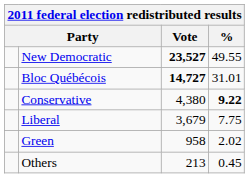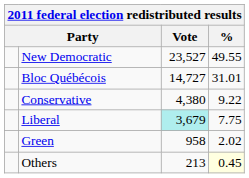 <table class="wikitable">
 <tr>
 <th colspan="4"><a href='#'>2011 federal election</a> redistributed results</th>
 </tr>
 <tr>
 <th bgcolor="#DDDDFF" width="130px" colspan="2">Party</th>
 <th bgcolor="#DDDDFF" width="50px">Vote</th>
 <th bgcolor="#DDDDFF" width="30px">%</th>
 </tr>
 <tr>
 <td> </td>
 <td><a href='#'>New Democratic</a></td>
-<td align=right><strong>23,527</strong></td>
+<td align=right>23,527</td>
 <td align=right>49.55</td>
 </tr>
 <tr>
 <td> </td>
 <td><a href='#'>Bloc Québécois</a></td>
-<td align=right><strong>14,727</strong></td>
+<td align=right>14,727</td>
 <td align=right>31.01</td>
 </tr>
 <tr>
 <td> </td>
 <td><a href='#'>Conservative</a></td>
 <td align=right>4,380</td>
-<td align=right><strong>9.22</strong></td>
+<td align=right>9.22</td>
 </tr>
 <tr>
 <td> </td>
 <td><a href='#'>Liberal</a></td>
-<td align=right>3,679</td>
+<td align=right style="background: paleturquoise;">3,679</td>
 <td align=right>7.75</td>
 </tr>
 <tr>
 <td> </td>
 <td><a href='#'>Green</a></td>
 <td align=right>958</td>
 <td align=right>2.02</td>
 </tr>
 <tr>
 <td> </td>
 <td>Others</td>
 <td align=right>213</td>
-<td align=right>0.45</td>
+<td align=right style="background: lightyellow;">0.45</td>
 </tr>
 </table>
